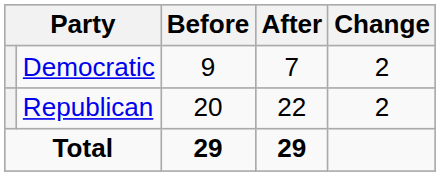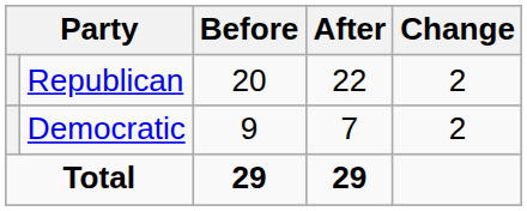 <table class="wikitable" style="text-align:center;">
 <tr>
 <th colspan="2">Party</th>
 <th>Before</th>
 <th>After</th>
 <th>Change</th>
 </tr>
 <tr>
 <th style="background-color:"></th>
-<td style="text-align:left;"><a href='#'>Democratic</a></td>
-<td>9</td>
-<td>7</td>
+<td style="text-align:left;"><a href='#'>Republican</a></td>
+<td>20</td>
+<td>22</td>
 <td> 2</td>
 </tr>
 <tr>
 <th style="background-color:"></th>
-<td style="text-align:left;"><a href='#'>Republican</a></td>
-<td>20</td>
-<td>22</td>
+<td style="text-align:left;"><a href='#'>Democratic</a></td>
+<td>9</td>
+<td>7</td>
 <td> 2</td>
 </tr>
 <tr>
 <td colspan="2"><strong>Total</strong></td>
 <td><strong>29</strong></td>
 <td><strong>29</strong></td>
 <td></td>
 </tr>
 </table>
